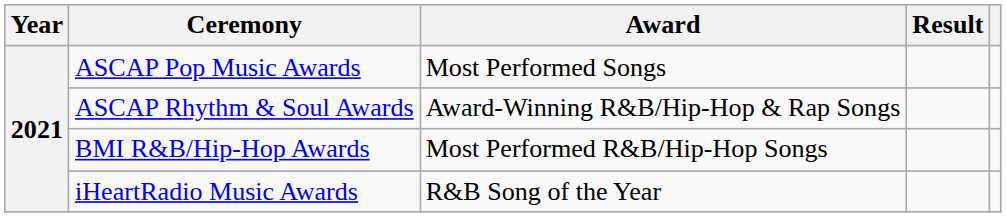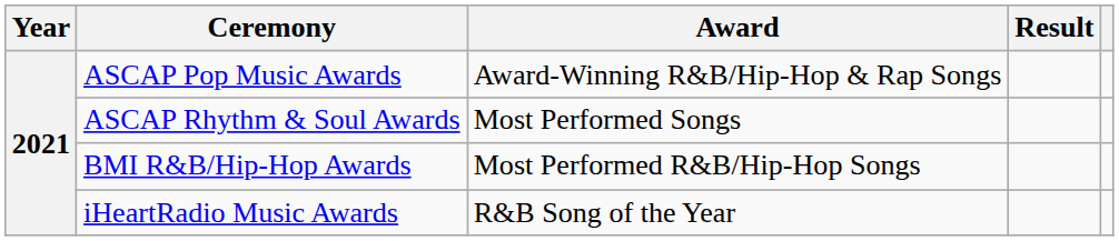 <table class="wikitable sortable plainrowheaders">
 <tr>
 <th scope="col">Year</th>
 <th scope="col">Ceremony</th>
 <th scope="col">Award</th>
 <th scope="col">Result</th>
 <th scope="col" class="unsortable"></th>
 </tr>
 <tr>
 <th scope="row" rowspan="4">2021</th>
 <td rowspan="1"><a href='#'>ASCAP Pop Music Awards</a></td>
-<td>Most Performed Songs</td>
+<td>Award-Winning R&B/Hip-Hop & Rap Songs</td>
 <td></td>
 <td></td>
 </tr>
 <tr>
 <td rowspan="1"><a href='#'>ASCAP Rhythm & Soul Awards</a></td>
-<td>Award-Winning R&B/Hip-Hop & Rap Songs</td>
+<td>Most Performed Songs</td>
 <td></td>
 <td></td>
 </tr>
 <tr>
 <td rowspan="1"><a href='#'>BMI R&B/Hip-Hop Awards</a></td>
 <td>Most Performed R&B/Hip-Hop Songs</td>
 <td></td>
 <td></td>
 </tr>
 <tr>
 <td rowspan="1"><a href='#'>iHeartRadio Music Awards</a></td>
 <td>R&B Song of the Year</td>
 <td></td>
 <td></td>
 </tr>
 </table>
